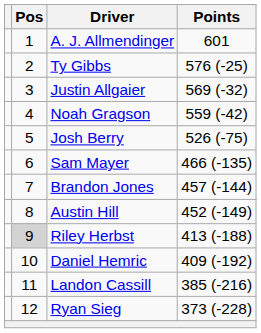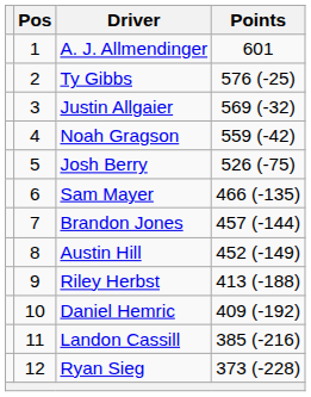 <table class="wikitable" style="font-size: 95%;">
 <tr>
 <th></th>
 <th>Pos</th>
 <th>Driver</th>
 <th>Points</th>
 </tr>
 <tr>
 <td align="left"></td>
 <td style="text-align:center;">1</td>
 <td><a href='#'>A. J. Allmendinger</a></td>
 <td style="text-align:center;">601</td>
 </tr>
 <tr>
 <td align="left"></td>
 <td style="text-align:center;">2</td>
 <td><a href='#'>Ty Gibbs</a></td>
 <td style="text-align:center;">576 (-25)</td>
 </tr>
 <tr>
 <td align="left"></td>
 <td style="text-align:center;">3</td>
 <td><a href='#'>Justin Allgaier</a></td>
 <td style="text-align:center;">569 (-32)</td>
 </tr>
 <tr>
 <td align="left"></td>
 <td style="text-align:center;">4</td>
 <td><a href='#'>Noah Gragson</a></td>
 <td style="text-align:center;">559 (-42)</td>
 </tr>
 <tr>
 <td align="left"></td>
 <td style="text-align:center;">5</td>
 <td><a href='#'>Josh Berry</a></td>
 <td style="text-align:center;">526 (-75)</td>
 </tr>
 <tr>
 <td align="left"></td>
 <td style="text-align:center;">6</td>
 <td><a href='#'>Sam Mayer</a></td>
 <td style="text-align:center;">466 (-135)</td>
 </tr>
 <tr>
 <td align="left"></td>
 <td style="text-align:center;">7</td>
 <td><a href='#'>Brandon Jones</a></td>
 <td style="text-align:center;">457 (-144)</td>
 </tr>
 <tr>
 <td align="left"></td>
 <td style="text-align:center;">8</td>
 <td><a href='#'>Austin Hill</a></td>
 <td style="text-align:center;">452 (-149)</td>
 </tr>
 <tr>
 <td align="left"></td>
-<td style="background: lightgrey; text-align:center;">9</td>
+<td style="text-align:center;">9</td>
 <td><a href='#'>Riley Herbst</a></td>
 <td style="text-align:center;">413 (-188)</td>
 </tr>
 <tr>
 <td align="left"></td>
 <td style="text-align:center;">10</td>
 <td><a href='#'>Daniel Hemric</a></td>
 <td style="text-align:center;">409 (-192)</td>
 </tr>
 <tr>
 <td align="left"></td>
 <td style="text-align:center;">11</td>
 <td><a href='#'>Landon Cassill</a></td>
 <td style="text-align:center;">385 (-216)</td>
 </tr>
 <tr>
 <td align="left"></td>
 <td style="text-align:center;">12</td>
 <td><a href='#'>Ryan Sieg</a></td>
 <td style="text-align:center;">373 (-228)</td>
 </tr>
 <tr class="sortbottom">
 <th colspan="9"></th>
 </tr>
 </table>
